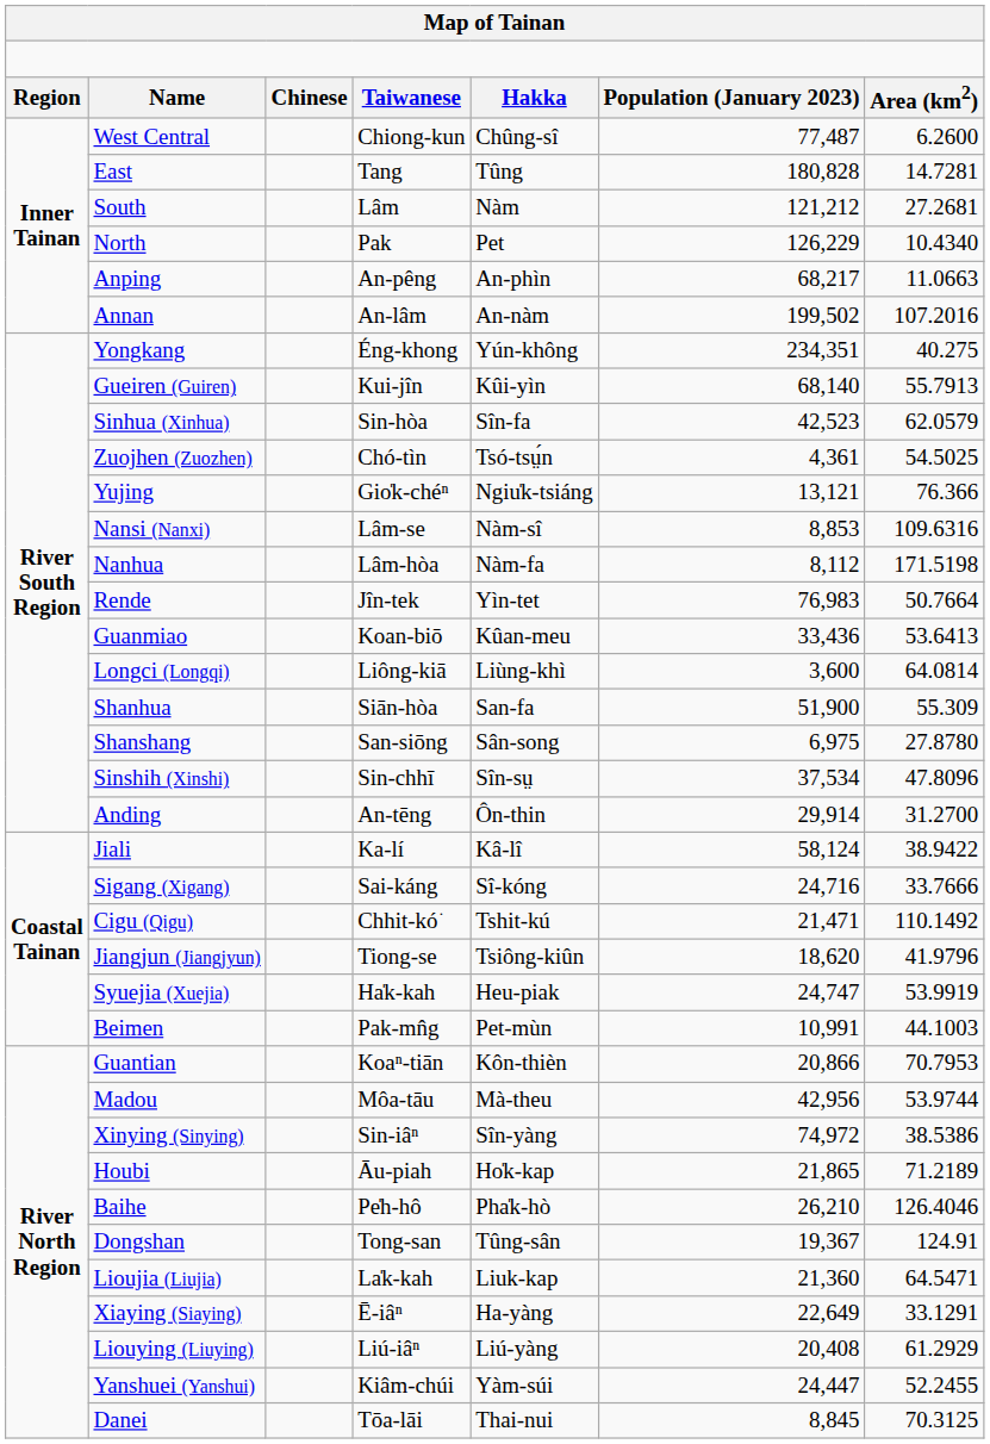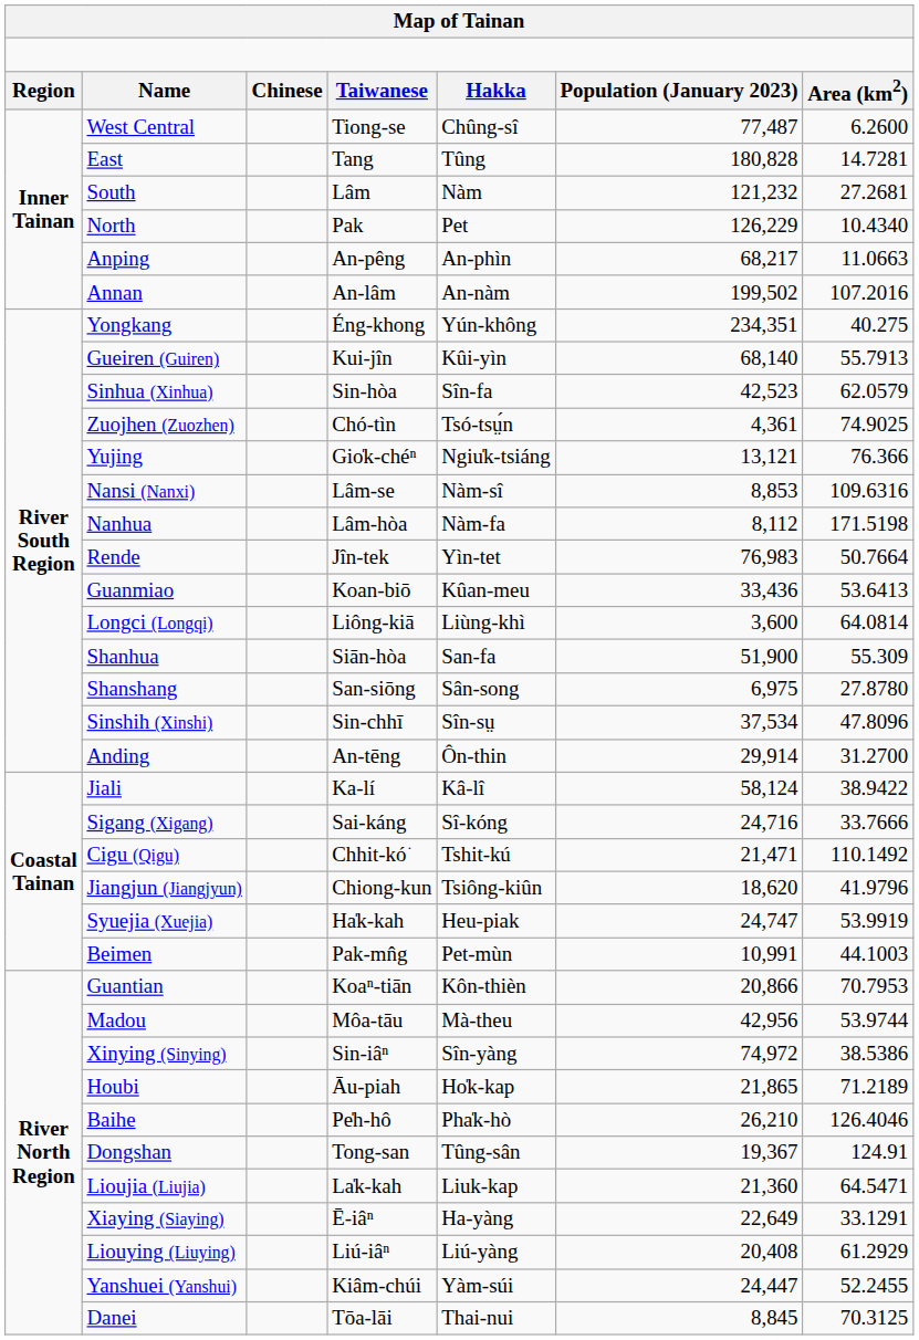 <table class=wikitable>
 <tr>
 <th colspan=7>Map of Tainan</th>
 </tr>
 <tr>
 <td align=center colspan=7><div><br>                                          </div></td>
 </tr>
 <tr>
 <th>Region</th>
 <th>Name</th>
 <th>Chinese</th>
 <th><a href='#'>Taiwanese</a></th>
 <th><a href='#'>Hakka</a></th>
 <th>Population (January 2023)</th>
 <th>Area (km<sup>2</sup>)</th>
 </tr>
 <tr>
 <td align=center rowspan=6><strong>Inner<br>Tainan</strong></td>
 <td><a href='#'>West Central</a></td>
 <td></td>
-<td>Chiong-kun</td>
+<td>Tiong-se</td>
 <td>Chûng-sî</td>
 <td align=right>77,487</td>
 <td align=right>6.2600</td>
 </tr>
 <tr>
 <td><a href='#'>East</a></td>
 <td></td>
 <td>Tang</td>
 <td>Tûng</td>
 <td align=right>180,828</td>
 <td align=right>14.7281</td>
 </tr>
 <tr>
 <td><a href='#'>South</a></td>
 <td></td>
 <td>Lâm</td>
 <td>Nàm</td>
-<td align=right>121,212</td>
+<td align=right>121,232</td>
 <td align=right>27.2681</td>
 </tr>
 <tr>
 <td><a href='#'>North</a></td>
 <td></td>
 <td>Pak</td>
 <td>Pet</td>
 <td align=right>126,229</td>
 <td align=right>10.4340</td>
 </tr>
 <tr>
 <td><a href='#'>Anping</a></td>
 <td></td>
 <td>An-pêng</td>
 <td>An-phìn</td>
 <td align=right>68,217</td>
 <td align=right>11.0663</td>
 </tr>
 <tr>
 <td><a href='#'>Annan</a></td>
 <td></td>
 <td>An-lâm</td>
 <td>An-nàm</td>
 <td align=right>199,502</td>
 <td align=right>107.2016</td>
 </tr>
 <tr>
 <td align=center rowspan=14><strong>River<br>South<br>Region</strong></td>
 <td><a href='#'>Yongkang</a></td>
 <td></td>
 <td>Éng-khong</td>
 <td>Yún-không</td>
 <td align=right>234,351</td>
 <td align=right>40.275</td>
 </tr>
 <tr>
 <td><a href='#'>Gueiren <small>(Guiren)</small></a></td>
 <td></td>
 <td>Kui-jîn</td>
 <td>Kûi-yìn</td>
 <td align=right>68,140</td>
 <td align=right>55.7913</td>
 </tr>
 <tr>
 <td><a href='#'>Sinhua <small>(Xinhua)</small></a></td>
 <td></td>
 <td>Sin-hòa</td>
 <td>Sîn-fa</td>
 <td align=right>42,523</td>
 <td align=right>62.0579</td>
 </tr>
 <tr>
 <td><a href='#'>Zuojhen <small>(Zuozhen)</small></a></td>
 <td></td>
 <td>Chó-tìn</td>
 <td>Tsó-tsṳ́n</td>
 <td align=right>4,361</td>
-<td align=right>54.5025</td>
+<td align=right>74.9025</td>
 </tr>
 <tr>
 <td><a href='#'>Yujing</a></td>
 <td></td>
 <td>Gio̍k-chéⁿ</td>
 <td>Ngiu̍k-tsiáng</td>
 <td align=right>13,121</td>
 <td align=right>76.366</td>
 </tr>
 <tr>
 <td><a href='#'>Nansi <small>(Nanxi)</small></a></td>
 <td></td>
 <td>Lâm-se</td>
 <td>Nàm-sî</td>
 <td align=right>8,853</td>
 <td align=right>109.6316</td>
 </tr>
 <tr>
 <td><a href='#'>Nanhua</a></td>
 <td></td>
 <td>Lâm-hòa</td>
 <td>Nàm-fa</td>
 <td align=right>8,112</td>
 <td align=right>171.5198</td>
 </tr>
 <tr>
 <td><a href='#'>Rende</a></td>
 <td></td>
 <td>Jîn-tek</td>
 <td>Yìn-tet</td>
 <td align=right>76,983</td>
 <td align=right>50.7664</td>
 </tr>
 <tr>
 <td><a href='#'>Guanmiao</a></td>
 <td></td>
 <td>Koan-biō</td>
 <td>Kûan-meu</td>
 <td align=right>33,436</td>
 <td align=right>53.6413</td>
 </tr>
 <tr>
 <td><a href='#'>Longci <small>(Longqi)</small></a></td>
 <td></td>
 <td>Liông-kiā</td>
 <td>Liùng-khì</td>
 <td align=right>3,600</td>
 <td align=right>64.0814</td>
 </tr>
 <tr>
 <td><a href='#'>Shanhua</a></td>
 <td></td>
 <td>Siān-hòa</td>
 <td>San-fa</td>
 <td align=right>51,900</td>
 <td align=right>55.309</td>
 </tr>
 <tr>
 <td><a href='#'>Shanshang</a></td>
 <td></td>
 <td>San-siōng</td>
 <td>Sân-song</td>
 <td align=right>6,975</td>
 <td align=right>27.8780</td>
 </tr>
 <tr>
 <td><a href='#'>Sinshih <small>(Xinshi)</small></a></td>
 <td></td>
 <td>Sin-chhī</td>
 <td>Sîn-sṳ</td>
 <td align=right>37,534</td>
 <td align=right>47.8096</td>
 </tr>
 <tr>
 <td><a href='#'>Anding</a></td>
 <td></td>
 <td>An-tēng</td>
 <td>Ôn-thin</td>
 <td align=right>29,914</td>
 <td align=right>31.2700</td>
 </tr>
 <tr>
 <td align=center rowspan=6><strong>Coastal<br>Tainan</strong></td>
 <td><a href='#'>Jiali</a></td>
 <td></td>
 <td>Ka-lí</td>
 <td>Kâ-lî</td>
 <td align=right>58,124</td>
 <td align=right>38.9422</td>
 </tr>
 <tr>
 <td><a href='#'>Sigang <small>(Xigang)</small></a></td>
 <td></td>
 <td>Sai-káng</td>
 <td>Sî-kóng</td>
 <td align=right>24,716</td>
 <td align=right>33.7666</td>
 </tr>
 <tr>
 <td><a href='#'>Cigu <small>(Qigu)</small></a></td>
 <td></td>
 <td>Chhit-kó͘</td>
 <td>Tshit-kú</td>
 <td align=right>21,471</td>
 <td align=right>110.1492</td>
 </tr>
 <tr>
 <td><a href='#'>Jiangjun <small>(Jiangjyun)</small></a></td>
 <td></td>
-<td>Tiong-se</td>
+<td>Chiong-kun</td>
 <td>Tsiông-kiûn</td>
 <td align=right>18,620</td>
 <td align=right>41.9796</td>
 </tr>
 <tr>
 <td><a href='#'>Syuejia <small>(Xuejia)</small></a></td>
 <td></td>
 <td>Ha̍k-kah</td>
 <td>Heu-piak</td>
 <td align=right>24,747</td>
 <td align=right>53.9919</td>
 </tr>
 <tr>
 <td><a href='#'>Beimen</a></td>
 <td></td>
 <td>Pak-mn̂g</td>
 <td>Pet-mùn</td>
 <td align=right>10,991</td>
 <td align=right>44.1003</td>
 </tr>
 <tr>
 <td align=center rowspan=11><strong>River<br>North<br>Region</strong></td>
 <td><a href='#'>Guantian</a></td>
 <td></td>
 <td>Koaⁿ-tiān</td>
 <td>Kôn-thièn</td>
 <td align=right>20,866</td>
 <td align=right>70.7953</td>
 </tr>
 <tr>
 <td><a href='#'>Madou</a></td>
 <td></td>
 <td>Môa-tāu</td>
 <td>Mà-theu</td>
 <td align=right>42,956</td>
 <td align=right>53.9744</td>
 </tr>
 <tr>
 <td><a href='#'>Xinying <small>(Sinying)</small></a></td>
 <td></td>
 <td>Sin-iâⁿ</td>
 <td>Sîn-yàng</td>
 <td align=right>74,972</td>
 <td align=right>38.5386</td>
 </tr>
 <tr>
 <td><a href='#'>Houbi</a></td>
 <td></td>
 <td>Āu-piah</td>
 <td>Ho̍k-kap</td>
 <td align=right>21,865</td>
 <td align=right>71.2189</td>
 </tr>
 <tr>
 <td><a href='#'>Baihe</a></td>
 <td></td>
 <td>Pe̍h-hô</td>
 <td>Pha̍k-hò</td>
 <td align=right>26,210</td>
 <td align=right>126.4046</td>
 </tr>
 <tr>
 <td><a href='#'>Dongshan</a></td>
 <td></td>
 <td>Tong-san</td>
 <td>Tûng-sân</td>
 <td align=right>19,367</td>
 <td align=right>124.91</td>
 </tr>
 <tr>
 <td><a href='#'>Lioujia <small>(Liujia)</small></a></td>
 <td></td>
 <td>La̍k-kah</td>
 <td>Liuk-kap</td>
 <td align=right>21,360</td>
 <td align=right>64.5471</td>
 </tr>
 <tr>
 <td><a href='#'>Xiaying <small>(Siaying)</small></a></td>
 <td></td>
 <td>Ē-iâⁿ</td>
 <td>Ha-yàng</td>
 <td align=right>22,649</td>
 <td align=right>33.1291</td>
 </tr>
 <tr>
 <td><a href='#'>Liouying <small>(Liuying)</small></a></td>
 <td></td>
 <td>Liú-iâⁿ</td>
 <td>Liú-yàng</td>
 <td align=right>20,408</td>
 <td align=right>61.2929</td>
 </tr>
 <tr>
 <td><a href='#'>Yanshuei <small>(Yanshui)</small></a></td>
 <td></td>
 <td>Kiâm-chúi</td>
 <td>Yàm-súi</td>
 <td align=right>24,447</td>
 <td align=right>52.2455</td>
 </tr>
 <tr>
 <td><a href='#'>Danei</a></td>
 <td></td>
 <td>Tōa-lāi</td>
 <td>Thai-nui</td>
 <td align=right>8,845</td>
 <td align=right>70.3125</td>
 </tr>
 </table>
